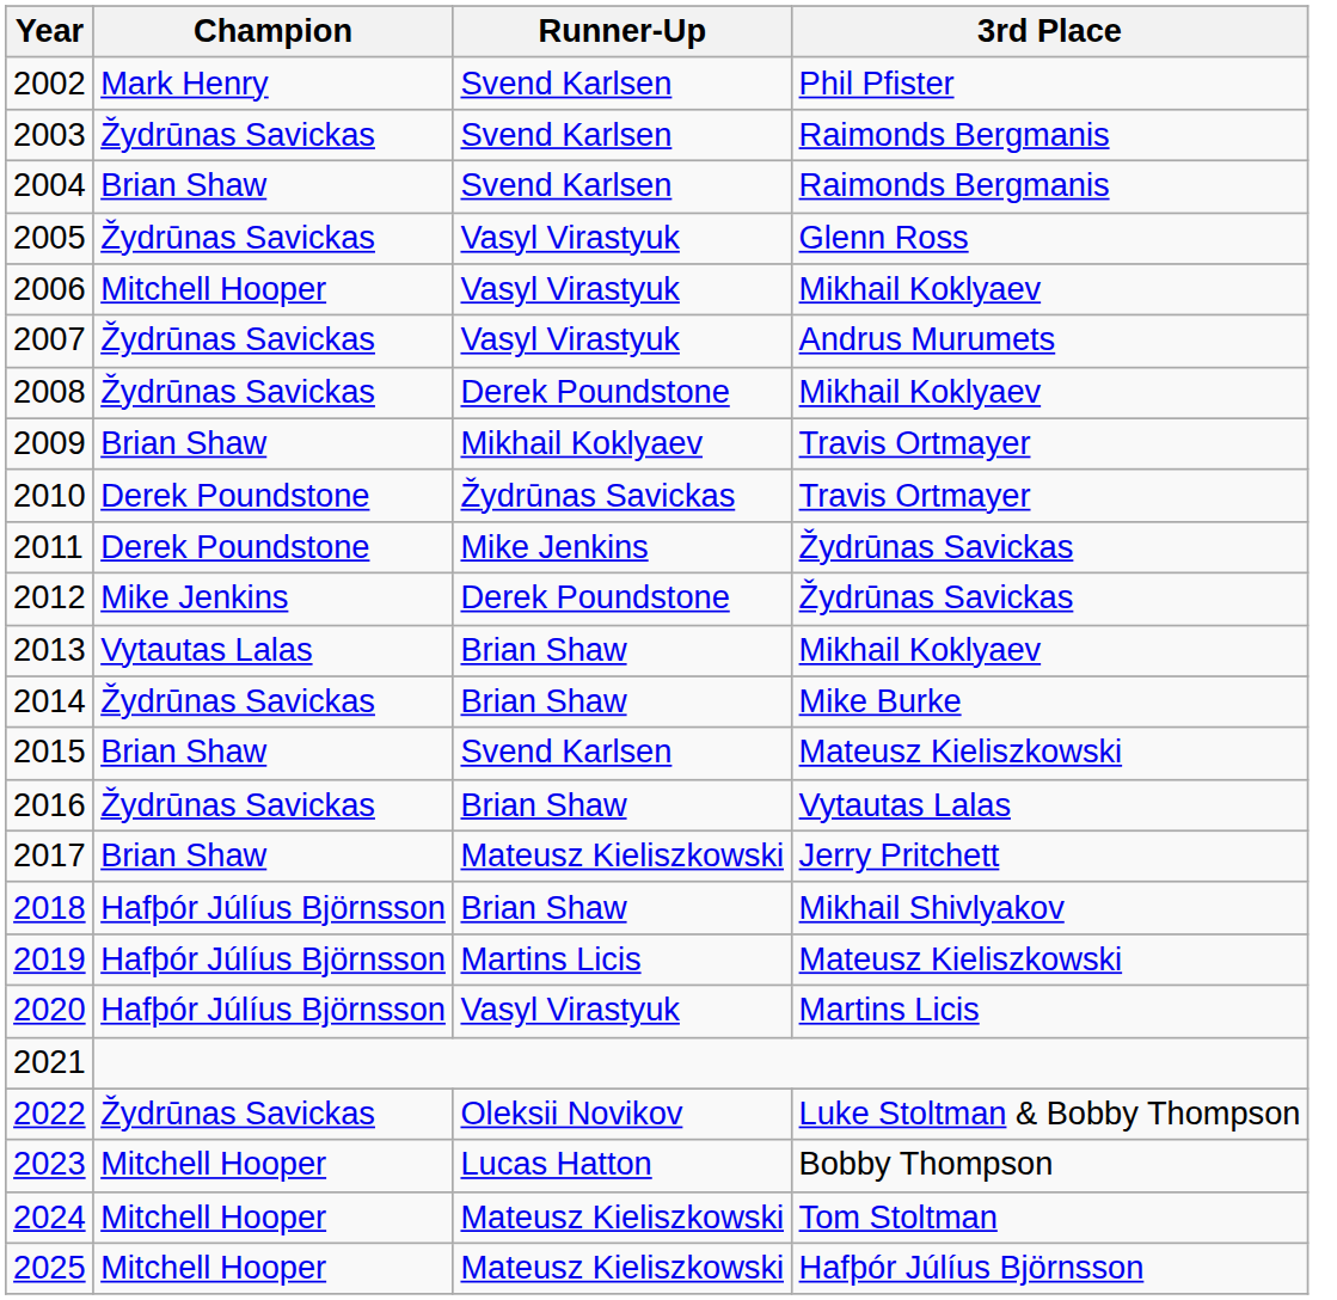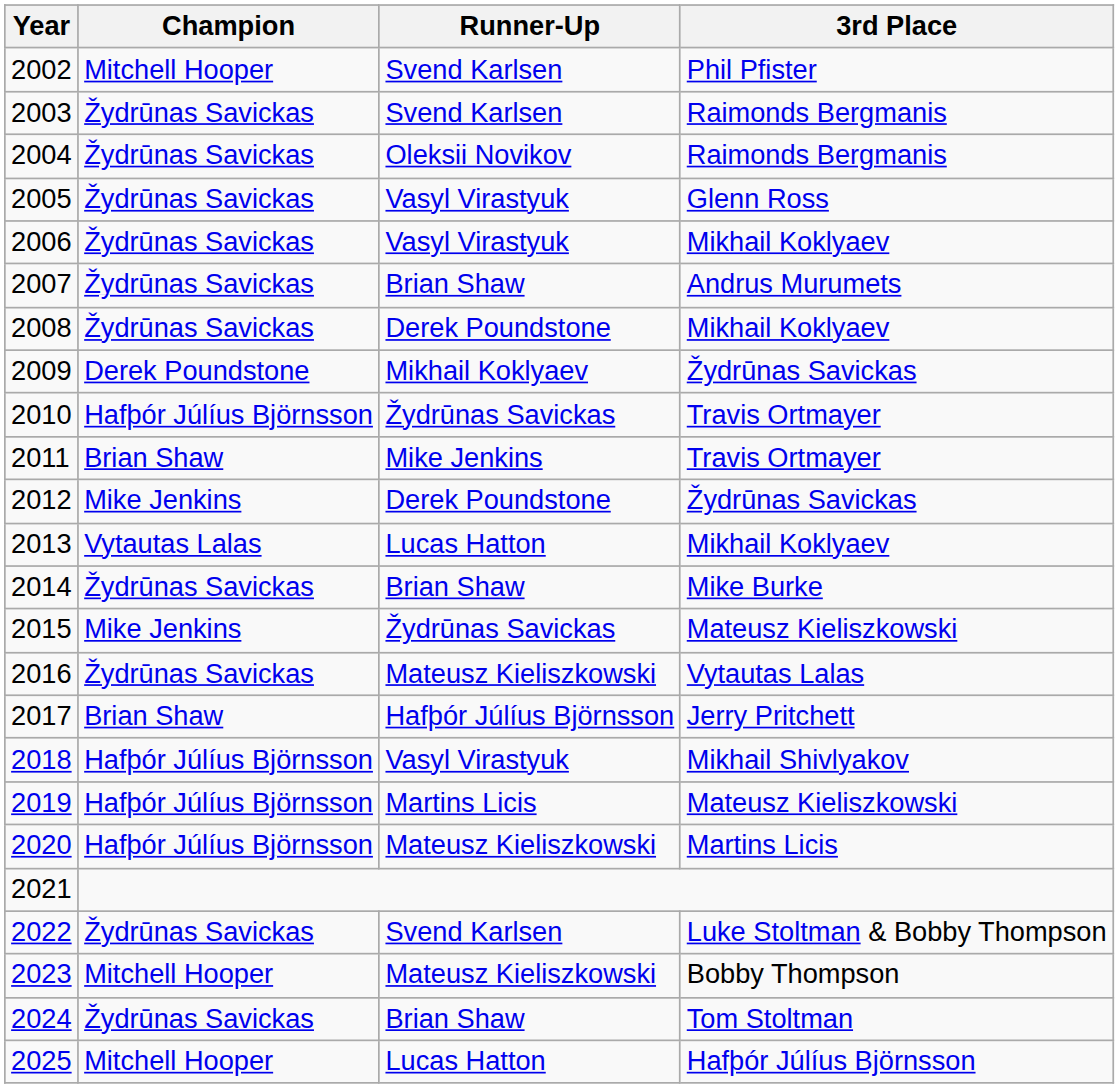 <table class="wikitable sortable" style="display: inline-table">
 <tr>
 <th>Year</th>
 <th>Champion</th>
 <th>Runner-Up</th>
 <th>3rd Place</th>
 </tr>
 <tr>
 <td>2002</td>
-<td> <a href='#'>Mark Henry</a></td>
+<td> <a href='#'>Mitchell Hooper</a></td>
 <td> <a href='#'>Svend Karlsen</a></td>
 <td> <a href='#'>Phil Pfister</a></td>
 </tr>
 <tr>
 <td>2003</td>
 <td> <a href='#'>Žydrūnas Savickas</a></td>
 <td> <a href='#'>Svend Karlsen</a></td>
 <td> <a href='#'>Raimonds Bergmanis</a></td>
 </tr>
 <tr>
 <td>2004</td>
-<td> <a href='#'>Brian Shaw</a></td>
-<td> <a href='#'>Svend Karlsen</a></td>
+<td> <a href='#'>Žydrūnas Savickas</a></td>
+<td> <a href='#'>Oleksii Novikov</a></td>
 <td> <a href='#'>Raimonds Bergmanis</a></td>
 </tr>
 <tr>
 <td>2005</td>
 <td> <a href='#'>Žydrūnas Savickas</a></td>
 <td> <a href='#'>Vasyl Virastyuk</a></td>
 <td> <a href='#'>Glenn Ross</a></td>
 </tr>
 <tr>
 <td>2006</td>
-<td> <a href='#'>Mitchell Hooper</a></td>
+<td> <a href='#'>Žydrūnas Savickas</a></td>
 <td> <a href='#'>Vasyl Virastyuk</a></td>
 <td> <a href='#'>Mikhail Koklyaev</a></td>
 </tr>
 <tr>
 <td>2007</td>
 <td> <a href='#'>Žydrūnas Savickas</a></td>
-<td> <a href='#'>Vasyl Virastyuk</a></td>
+<td> <a href='#'>Brian Shaw</a></td>
 <td> <a href='#'>Andrus Murumets</a></td>
 </tr>
 <tr>
 <td>2008</td>
 <td> <a href='#'>Žydrūnas Savickas</a></td>
 <td> <a href='#'>Derek Poundstone</a></td>
 <td> <a href='#'>Mikhail Koklyaev</a></td>
 </tr>
 <tr>
 <td>2009</td>
-<td> <a href='#'>Brian Shaw</a></td>
+<td> <a href='#'>Derek Poundstone</a></td>
 <td> <a href='#'>Mikhail Koklyaev</a></td>
-<td> <a href='#'>Travis Ortmayer</a></td>
+<td> <a href='#'>Žydrūnas Savickas</a></td>
 </tr>
 <tr>
 <td>2010</td>
-<td> <a href='#'>Derek Poundstone</a></td>
+<td> <a href='#'>Hafþór Júlíus Björnsson</a></td>
 <td> <a href='#'>Žydrūnas Savickas</a></td>
 <td> <a href='#'>Travis Ortmayer</a></td>
 </tr>
 <tr>
 <td>2011</td>
-<td> <a href='#'>Derek Poundstone</a></td>
+<td> <a href='#'>Brian Shaw</a></td>
 <td> <a href='#'>Mike Jenkins</a></td>
-<td> <a href='#'>Žydrūnas Savickas</a></td>
+<td> <a href='#'>Travis Ortmayer</a></td>
 </tr>
 <tr>
 <td>2012</td>
 <td> <a href='#'>Mike Jenkins</a></td>
 <td> <a href='#'>Derek Poundstone</a></td>
 <td> <a href='#'>Žydrūnas Savickas</a></td>
 </tr>
 <tr>
 <td>2013</td>
 <td> <a href='#'>Vytautas Lalas</a></td>
-<td> <a href='#'>Brian Shaw</a></td>
+<td> <a href='#'>Lucas Hatton</a></td>
 <td> <a href='#'>Mikhail Koklyaev</a></td>
 </tr>
 <tr>
 <td>2014</td>
 <td> <a href='#'>Žydrūnas Savickas</a></td>
 <td> <a href='#'>Brian Shaw</a></td>
 <td> <a href='#'>Mike Burke</a></td>
 </tr>
 <tr>
 <td>2015</td>
-<td> <a href='#'>Brian Shaw</a></td>
-<td> <a href='#'>Svend Karlsen</a></td>
+<td> <a href='#'>Mike Jenkins</a></td>
+<td> <a href='#'>Žydrūnas Savickas</a></td>
 <td> <a href='#'>Mateusz Kieliszkowski</a></td>
 </tr>
 <tr>
 <td>2016</td>
 <td> <a href='#'>Žydrūnas Savickas</a></td>
-<td> <a href='#'>Brian Shaw</a></td>
+<td> <a href='#'>Mateusz Kieliszkowski</a></td>
 <td> <a href='#'>Vytautas Lalas</a></td>
 </tr>
 <tr>
 <td>2017</td>
 <td> <a href='#'>Brian Shaw</a></td>
-<td> <a href='#'>Mateusz Kieliszkowski</a></td>
+<td> <a href='#'>Hafþór Júlíus Björnsson</a></td>
 <td> <a href='#'>Jerry Pritchett</a></td>
 </tr>
 <tr>
 <td><a href='#'>2018</a></td>
 <td> <a href='#'>Hafþór Júlíus Björnsson</a></td>
-<td> <a href='#'>Brian Shaw</a></td>
+<td> <a href='#'>Vasyl Virastyuk</a></td>
 <td> <a href='#'>Mikhail Shivlyakov</a></td>
 </tr>
 <tr>
 <td><a href='#'>2019</a></td>
 <td> <a href='#'>Hafþór Júlíus Björnsson</a></td>
 <td> <a href='#'>Martins Licis</a></td>
 <td> <a href='#'>Mateusz Kieliszkowski</a></td>
 </tr>
 <tr>
 <td><a href='#'>2020</a></td>
 <td> <a href='#'>Hafþór Júlíus Björnsson</a></td>
-<td> <a href='#'>Vasyl Virastyuk</a></td>
+<td> <a href='#'>Mateusz Kieliszkowski</a></td>
 <td> <a href='#'>Martins Licis</a></td>
 </tr>
 <tr>
 <td>2021</td>
 <td colspan=3></td>
 </tr>
 <tr>
 <td><a href='#'>2022</a></td>
 <td> <a href='#'>Žydrūnas Savickas</a></td>
-<td> <a href='#'>Oleksii Novikov</a></td>
+<td> <a href='#'>Svend Karlsen</a></td>
 <td> <a href='#'>Luke Stoltman</a> &  Bobby Thompson</td>
 </tr>
 <tr>
 <td><a href='#'>2023</a></td>
 <td> <a href='#'>Mitchell Hooper</a></td>
-<td> <a href='#'>Lucas Hatton</a></td>
+<td> <a href='#'>Mateusz Kieliszkowski</a></td>
 <td> Bobby Thompson</td>
 </tr>
 <tr>
 <td><a href='#'>2024</a></td>
-<td> <a href='#'>Mitchell Hooper</a></td>
-<td> <a href='#'>Mateusz Kieliszkowski</a></td>
+<td> <a href='#'>Žydrūnas Savickas</a></td>
+<td> <a href='#'>Brian Shaw</a></td>
 <td> <a href='#'>Tom Stoltman</a></td>
 </tr>
 <tr>
 <td><a href='#'>2025</a></td>
 <td> <a href='#'>Mitchell Hooper</a></td>
-<td> <a href='#'>Mateusz Kieliszkowski</a></td>
+<td> <a href='#'>Lucas Hatton</a></td>
 <td> <a href='#'>Hafþór Júlíus Björnsson</a></td>
 </tr>
 </table>
